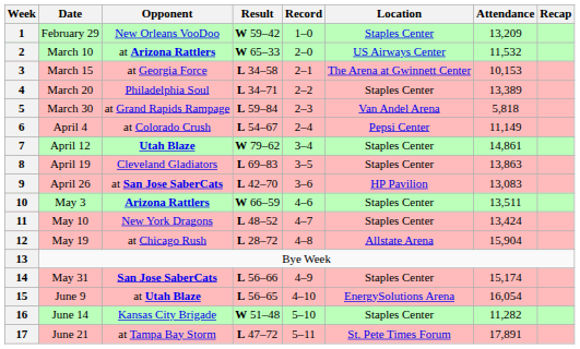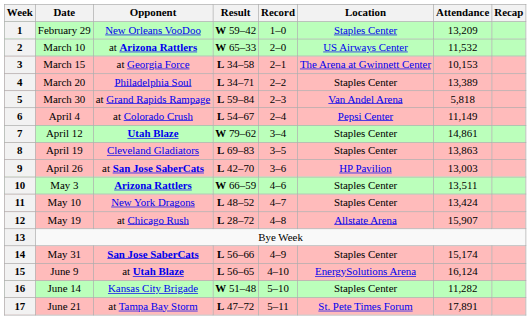 <table class="wikitable" style="text-align:center">
 <tr>
 <th>Week</th>
 <th>Date</th>
 <th>Opponent</th>
 <th>Result</th>
 <th>Record</th>
 <th>Location</th>
 <th>Attendance</th>
 <th>Recap</th>
 </tr>
 <tr bgcolor="#bbffbb">
 <th>1</th>
 <td>February 29</td>
 <td><a href='#'>New Orleans VooDoo</a></td>
 <td><strong>W</strong> 59–42</td>
 <td>1–0</td>
 <td><a href='#'>Staples Center</a></td>
 <td>13,209</td>
 <td></td>
 </tr>
 <tr bgcolor="#bbffbb">
 <th>2</th>
 <td>March 10</td>
 <td>at <strong><a href='#'>Arizona Rattlers</a></strong></td>
 <td><strong>W</strong> 65–33</td>
 <td>2–0</td>
 <td><a href='#'>US Airways Center</a></td>
 <td>11,532</td>
 <td></td>
 </tr>
 <tr bgcolor="#ffbbbb">
 <th>3</th>
 <td>March 15</td>
 <td>at <a href='#'>Georgia Force</a></td>
 <td><strong>L</strong> 34–58</td>
 <td>2–1</td>
 <td><a href='#'>The Arena at Gwinnett Center</a></td>
 <td>10,153</td>
 <td></td>
 </tr>
 <tr bgcolor="#ffbbbb">
 <th>4</th>
 <td>March 20</td>
 <td><a href='#'>Philadelphia Soul</a></td>
 <td><strong>L</strong> 34–71</td>
 <td>2–2</td>
 <td>Staples Center</td>
 <td>13,389</td>
 <td></td>
 </tr>
 <tr bgcolor="#ffbbbb">
 <th>5</th>
 <td>March 30</td>
 <td>at <a href='#'>Grand Rapids Rampage</a></td>
 <td><strong>L</strong> 59–84</td>
 <td>2–3</td>
 <td><a href='#'>Van Andel Arena</a></td>
 <td>5,818</td>
 <td></td>
 </tr>
 <tr bgcolor="#ffbbbb">
 <th>6</th>
 <td>April 4</td>
 <td>at <a href='#'>Colorado Crush</a></td>
 <td><strong>L</strong> 54–67</td>
 <td>2–4</td>
 <td><a href='#'>Pepsi Center</a></td>
 <td>11,149</td>
 <td></td>
 </tr>
 <tr bgcolor="#bbffbb">
 <th>7</th>
 <td>April 12</td>
 <td><strong><a href='#'>Utah Blaze</a></strong></td>
 <td><strong>W</strong> 79–62</td>
 <td>3–4</td>
 <td>Staples Center</td>
 <td>14,861</td>
 <td></td>
 </tr>
 <tr bgcolor="#ffbbbb">
 <th>8</th>
 <td>April 19</td>
 <td><a href='#'>Cleveland Gladiators</a></td>
 <td><strong>L</strong> 69–83</td>
 <td>3–5</td>
 <td>Staples Center</td>
 <td>13,863</td>
 <td></td>
 </tr>
 <tr bgcolor="#ffbbbb">
 <th>9</th>
 <td>April 26</td>
 <td>at <strong><a href='#'>San Jose SaberCats</a></strong></td>
 <td><strong>L</strong> 42–70</td>
 <td>3–6</td>
 <td><a href='#'>HP Pavilion</a></td>
-<td>13,083</td>
+<td>13,003</td>
 <td></td>
 </tr>
 <tr bgcolor="#bbffbb">
 <th>10</th>
 <td>May 3</td>
 <td><strong><a href='#'>Arizona Rattlers</a></strong></td>
 <td><strong>W</strong> 66–59</td>
 <td>4–6</td>
 <td>Staples Center</td>
 <td>13,511</td>
 <td></td>
 </tr>
 <tr bgcolor="#ffbbbb">
 <th>11</th>
 <td>May 10</td>
 <td><a href='#'>New York Dragons</a></td>
 <td><strong>L</strong> 48–52</td>
 <td>4–7</td>
 <td>Staples Center</td>
 <td>13,424</td>
 <td></td>
 </tr>
 <tr bgcolor="#ffbbbb">
 <th>12</th>
 <td>May 19</td>
 <td>at <a href='#'>Chicago Rush</a></td>
 <td><strong>L</strong> 28–72</td>
 <td>4–8</td>
 <td><a href='#'>Allstate Arena</a></td>
-<td>15,904</td>
+<td>15,907</td>
 <td></td>
 </tr>
 <tr>
 <th>13</th>
 <td colspan=7>Bye Week</td>
 </tr>
 <tr bgcolor="#ffbbbb">
 <th>14</th>
 <td>May 31</td>
 <td><strong><a href='#'>San Jose SaberCats</a></strong></td>
 <td><strong>L</strong> 56–66</td>
 <td>4–9</td>
 <td>Staples Center</td>
 <td>15,174</td>
 <td></td>
 </tr>
 <tr bgcolor="#ffbbbb">
 <th>15</th>
 <td>June 9</td>
 <td>at <strong><a href='#'>Utah Blaze</a></strong></td>
 <td><strong>L</strong> 56–65</td>
 <td>4–10</td>
 <td><a href='#'>EnergySolutions Arena</a></td>
-<td>16,054</td>
+<td>16,124</td>
 <td></td>
 </tr>
 <tr bgcolor="#bbffbb">
 <th>16</th>
 <td>June 14</td>
 <td><a href='#'>Kansas City Brigade</a></td>
 <td><strong>W</strong> 51–48</td>
 <td>5–10</td>
 <td>Staples Center</td>
 <td>11,282</td>
 <td></td>
 </tr>
 <tr bgcolor="#ffbbbb">
 <th>17</th>
 <td>June 21</td>
 <td>at <a href='#'>Tampa Bay Storm</a></td>
 <td><strong>L</strong> 47–72</td>
 <td>5–11</td>
 <td><a href='#'>St. Pete Times Forum</a></td>
 <td>17,891</td>
 <td></td>
 </tr>
 </table>
